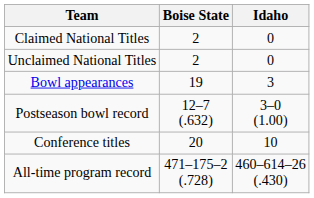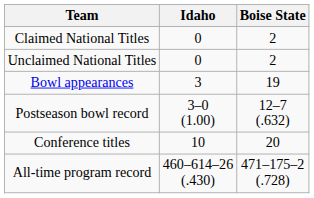 <table class="wikitable" style="text-align:center;">
 <tr>
 <th>Team</th>
+<th>Idaho</th>
 <th>Boise State</th>
-<th>Idaho</th>
 </tr>
 <tr>
 <td>Claimed National Titles</td>
+<td>0</td>
 <td>2</td>
-<td>0</td>
 </tr>
 <tr>
 <td>Unclaimed National Titles</td>
+<td>0</td>
 <td>2</td>
-<td>0</td>
 </tr>
 <tr>
 <td><a href='#'>Bowl appearances</a></td>
+<td>3</td>
 <td>19</td>
-<td>3</td>
 </tr>
 <tr>
 <td>Postseason bowl record</td>
+<td>3–0 <br> (1.00)</td>
 <td>12–7 <br> (.632)</td>
-<td>3–0 <br> (1.00)</td>
 </tr>
 <tr>
 <td>Conference titles</td>
+<td>10</td>
 <td>20</td>
-<td>10</td>
 </tr>
 <tr>
 <td>All-time program record</td>
+<td>460–614–26 <br> (.430)</td>
 <td>471–175–2 <br> (.728)</td>
-<td>460–614–26 <br> (.430)</td>
 </tr>
 </table>
